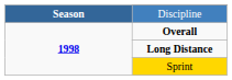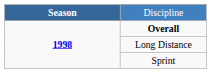 <table class="wikitable" style="font-size:95%; text-align:center; border:grey solid 1px; border-collapse:collapse;" width="20%">
 <tr style="background-color:#369; color:white;">
 <td rowspan="2" colspan="1" width="10%"><strong>Season</strong></td>
 </tr>
 <tr style="background-color:#4180be; color:white;">
 <td width="5%">Discipline</td>
 </tr>
 <tr>
 <td rowspan="3"><strong><a href='#'>1998</a></strong></td>
 <td><strong>Overall</strong></td>
 </tr>
 <tr>
-<td><strong>Long Distance</strong></td>
+<td>Long Distance</td>
 </tr>
 <tr>
-<td style="background: gold;">Sprint</td>
+<td>Sprint</td>
 </tr>
 </table>
